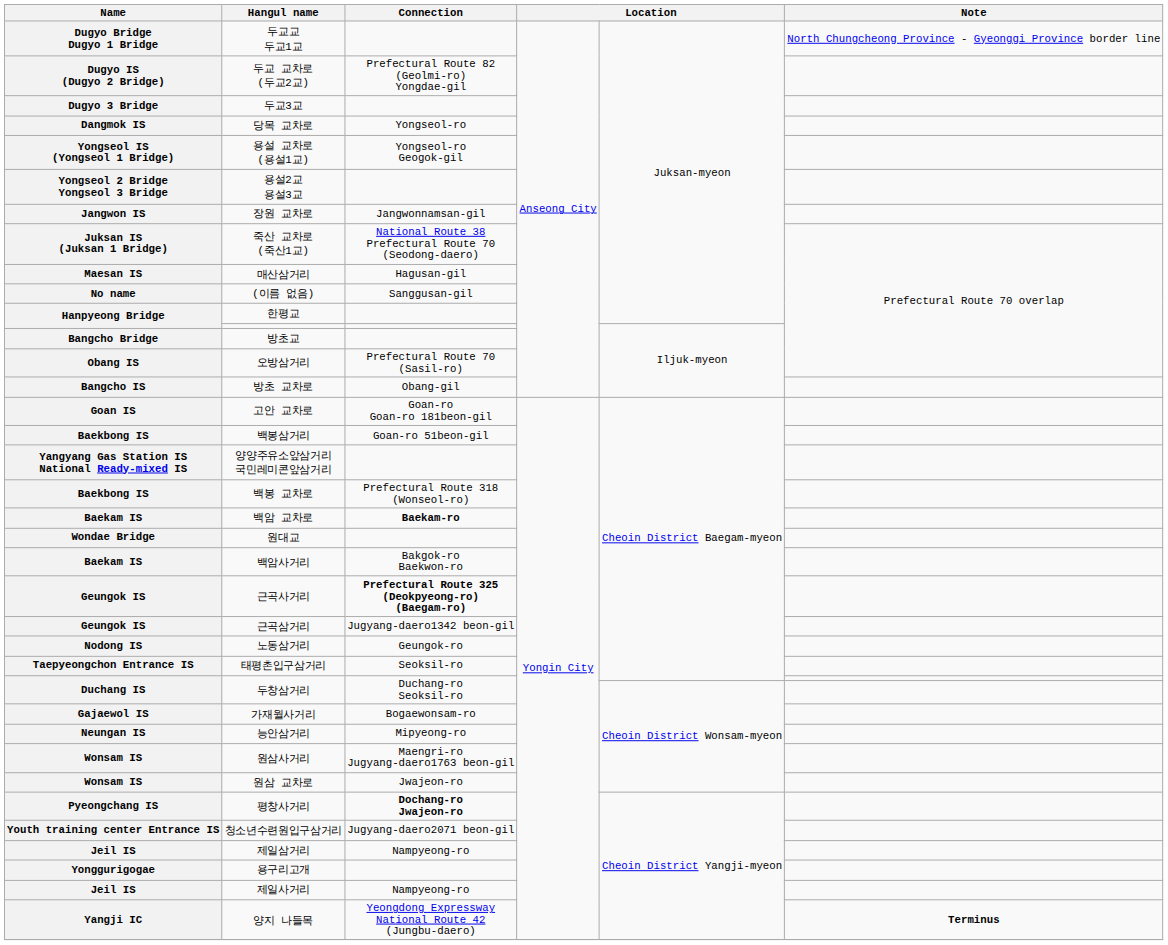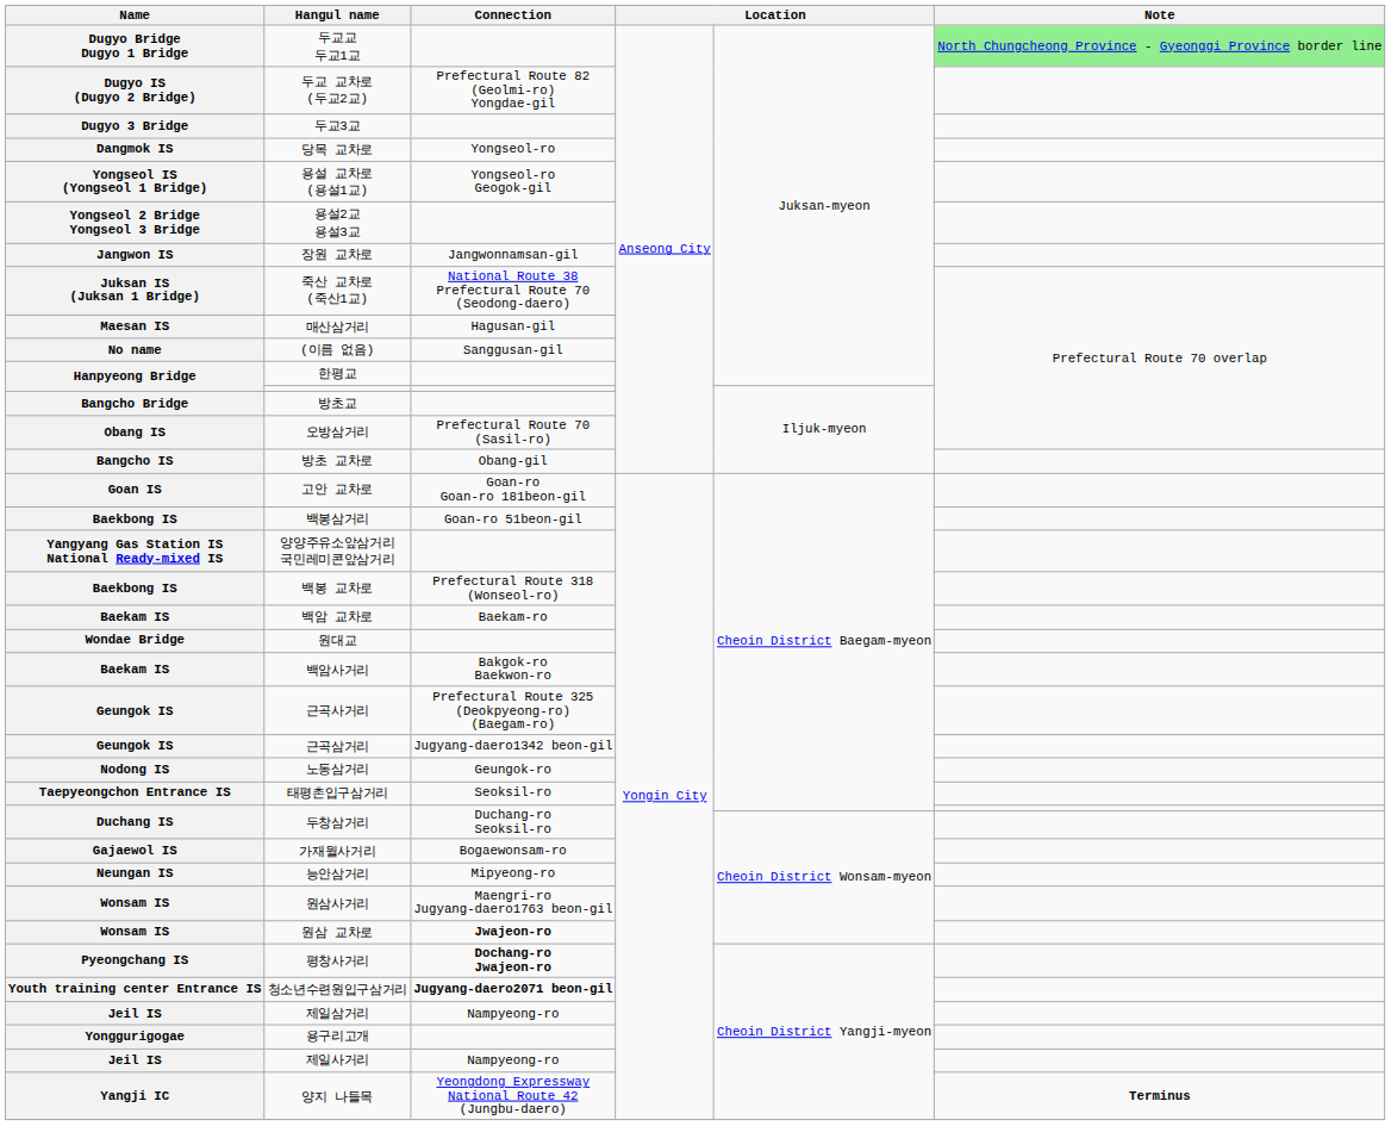 <table class="wikitable" style="font-size: 85%; text-align: center;">
 <tr>
 <th>Name </th>
 <th>Hangul name</th>
 <th>Connection</th>
 <th colspan="2">Location</th>
 <th>Note</th>
 </tr>
 <tr>
 <th>Dugyo Bridge<br>Dugyo 1 Bridge</th>
 <td>두교교<br>두교1교</td>
 <td></td>
 <td rowspan=15><a href='#'>Anseong City</a></td>
 <td rowspan=11>Juksan-myeon</td>
-<td><a href='#'>North Chungcheong Province</a> - <a href='#'>Gyeonggi Province</a> border line</td>
+<td style="background: lightgreen;"><a href='#'>North Chungcheong Province</a> - <a href='#'>Gyeonggi Province</a> border line</td>
 </tr>
 <tr>
 <th>Dugyo IS<br>(Dugyo 2 Bridge)</th>
 <td>두교 교차로<br>(두교2교)</td>
 <td>Prefectural Route 82<br>(Geolmi-ro)<br>Yongdae-gil</td>
 <td></td>
 </tr>
 <tr>
 <th>Dugyo 3 Bridge</th>
 <td>두교3교</td>
 <td></td>
 <td></td>
 </tr>
 <tr>
 <th>Dangmok IS</th>
 <td>당목 교차로</td>
 <td>Yongseol-ro</td>
 <td></td>
 </tr>
 <tr>
 <th>Yongseol IS<br>(Yongseol 1 Bridge)</th>
 <td>용설 교차로<br>(용설1교)</td>
 <td>Yongseol-ro<br>Geogok-gil</td>
 <td></td>
 </tr>
 <tr>
 <th>Yongseol 2 Bridge<br>Yongseol 3 Bridge</th>
 <td>용설2교<br>용설3교</td>
 <td></td>
 <td></td>
 </tr>
 <tr>
 <th>Jangwon IS</th>
 <td>장원 교차로</td>
 <td>Jangwonnamsan-gil</td>
 <td></td>
 </tr>
 <tr>
 <th>Juksan IS<br>(Juksan 1 Bridge)</th>
 <td>죽산 교차로<br>(죽산1교)</td>
 <td><a href='#'>National Route 38</a><br>Prefectural Route 70<br>(Seodong-daero)</td>
 <td rowspan=7>Prefectural Route 70 overlap</td>
 </tr>
 <tr>
 <th>Maesan IS</th>
 <td>매산삼거리</td>
 <td>Hagusan-gil</td>
 </tr>
 <tr>
 <th>No name</th>
 <td>(이름 없음)</td>
 <td>Sanggusan-gil</td>
 </tr>
 <tr>
 <th rowspan=2>Hanpyeong Bridge</th>
 <td>한평교</td>
 <td></td>
 </tr>
 <tr>
 <td></td>
 <td></td>
 <td rowspan=4>Iljuk-myeon</td>
 </tr>
 <tr>
 <th>Bangcho Bridge</th>
 <td>방초교</td>
 <td></td>
 </tr>
 <tr>
 <th>Obang IS</th>
 <td>오방삼거리</td>
 <td>Prefectural Route 70<br>(Sasil-ro)</td>
 </tr>
 <tr>
 <th>Bangcho IS</th>
 <td>방초 교차로</td>
 <td>Obang-gil</td>
 <td></td>
 </tr>
 <tr>
 <th>Goan IS</th>
 <td>고안 교차로</td>
 <td>Goan-ro<br>Goan-ro 181beon-gil</td>
 <td rowspan=23><a href='#'>Yongin City</a></td>
 <td rowspan=12><a href='#'>Cheoin District</a> Baegam-myeon</td>
 <td></td>
 </tr>
 <tr>
 <th>Baekbong IS</th>
 <td>백봉삼거리</td>
 <td>Goan-ro 51beon-gil</td>
 <td></td>
 </tr>
 <tr>
 <th>Yangyang Gas Station IS<br>National <a href='#'>Ready-mixed</a> IS</th>
 <td>양양주유소앞삼거리<br>국민레미콘앞삼거리</td>
 <td></td>
 <td></td>
 </tr>
 <tr>
 <th>Baekbong IS</th>
 <td>백봉 교차로</td>
 <td>Prefectural Route 318<br>(Wonseol-ro)</td>
 <td></td>
 </tr>
 <tr>
 <th>Baekam IS</th>
 <td>백암 교차로</td>
-<td><strong>Baekam-ro</strong></td>
+<td>Baekam-ro</td>
 <td></td>
 </tr>
 <tr>
 <th>Wondae Bridge</th>
 <td>원대교</td>
 <td></td>
 <td></td>
 </tr>
 <tr>
 <th>Baekam IS</th>
 <td>백암사거리</td>
 <td>Bakgok-ro<br>Baekwon-ro</td>
 <td></td>
 </tr>
 <tr>
 <th>Geungok IS</th>
 <td>근곡사거리</td>
-<td><strong>Prefectural Route 325<br>(Deokpyeong-ro)<br>(Baegam-ro)</strong></td>
+<td>Prefectural Route 325<br>(Deokpyeong-ro)<br>(Baegam-ro)</td>
 <td></td>
 </tr>
 <tr>
 <th>Geungok IS</th>
 <td>근곡삼거리</td>
 <td>Jugyang-daero1342 beon-gil</td>
 <td></td>
 </tr>
 <tr>
 <th>Nodong IS</th>
 <td>노동삼거리</td>
 <td>Geungok-ro</td>
 <td></td>
 </tr>
 <tr>
 <th>Taepyeongchon Entrance IS</th>
 <td>태평촌입구삼거리</td>
 <td>Seoksil-ro</td>
 <td></td>
 </tr>
 <tr>
 <th rowspan=2>Duchang IS</th>
 <td rowspan=2>두창삼거리</td>
 <td rowspan=2>Duchang-ro<br>Seoksil-ro</td>
 <td></td>
 </tr>
 <tr>
 <td rowspan=5><a href='#'>Cheoin District</a> Wonsam-myeon</td>
 <td></td>
 </tr>
 <tr>
 <th>Gajaewol IS</th>
 <td>가재월사거리</td>
 <td>Bogaewonsam-ro</td>
 <td></td>
 </tr>
 <tr>
 <th>Neungan IS</th>
 <td>능안삼거리</td>
 <td>Mipyeong-ro</td>
 <td></td>
 </tr>
 <tr>
 <th>Wonsam IS</th>
 <td>원삼사거리</td>
 <td>Maengri-ro<br>Jugyang-daero1763 beon-gil</td>
 <td></td>
 </tr>
 <tr>
 <th>Wonsam IS</th>
 <td>원삼 교차로</td>
-<td>Jwajeon-ro</td>
+<td><strong>Jwajeon-ro</strong></td>
 <td></td>
 </tr>
 <tr>
 <th>Pyeongchang IS</th>
 <td>평창사거리</td>
 <td><strong>Dochang-ro<br>Jwajeon-ro</strong></td>
 <td rowspan=6><a href='#'>Cheoin District</a> Yangji-myeon</td>
 <td></td>
 </tr>
 <tr>
 <th>Youth training center Entrance IS</th>
 <td>청소년수련원입구삼거리</td>
-<td>Jugyang-daero2071 beon-gil</td>
+<td><strong>Jugyang-daero2071 beon-gil</strong></td>
 <td></td>
 </tr>
 <tr>
 <th>Jeil IS</th>
 <td>제일삼거리</td>
 <td>Nampyeong-ro</td>
 <td></td>
 </tr>
 <tr>
 <th>Yonggurigogae</th>
 <td>용구리고개</td>
 <td></td>
 <td></td>
 </tr>
 <tr>
 <th>Jeil IS</th>
 <td>제일사거리</td>
 <td>Nampyeong-ro</td>
 <td></td>
 </tr>
 <tr>
 <th>Yangji IC</th>
 <td>양지 나들목</td>
 <td><a href='#'>Yeongdong Expressway</a><br><a href='#'>National Route 42</a><br>(Jungbu-daero)</td>
 <td><strong>Terminus</strong></td>
 </tr>
 <tr>
 </tr>
 </table>
